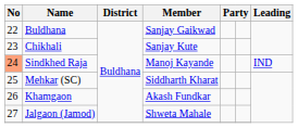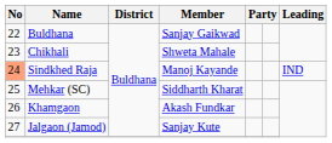 <table class="wikitable ">
 <tr>
 <th>No</th>
 <th>Name</th>
 <th>District</th>
 <th>Member</th>
 <th colspan="2">Party</th>
 <th colspan="2">Leading<br></th>
 </tr>
 <tr>
 <td>22</td>
 <td><a href='#'>Buldhana</a></td>
 <td rowspan="6"><a href='#'>Buldhana</a></td>
 <td><a href='#'>Sanjay Gaikwad</a></td>
 <td></td>
 <td></td>
 </tr>
 <tr>
 <td>23</td>
 <td><a href='#'>Chikhali</a></td>
-<td><a href='#'>Sanjay Kute</a></td>
+<td><a href='#'>Shweta Mahale</a></td>
 <td></td>
 <td></td>
 </tr>
 <tr>
 <td style="background: lightsalmon;">24</td>
 <td><a href='#'>Sindkhed Raja</a></td>
 <td><a href='#'>Manoj Kayande</a></td>
 <td></td>
 <td style="background-color:"></td>
 <td><a href='#'>IND</a></td>
 </tr>
 <tr>
 <td>25</td>
 <td><a href='#'>Mehkar</a> (SC)</td>
 <td><a href='#'>Siddharth Kharat</a></td>
 <td></td>
 <td></td>
 </tr>
 <tr>
 <td>26</td>
 <td><a href='#'>Khamgaon</a></td>
 <td><a href='#'>Akash Fundkar</a></td>
 <td></td>
 <td></td>
 </tr>
 <tr>
 <td>27</td>
 <td><a href='#'>Jalgaon (Jamod)</a></td>
-<td><a href='#'>Shweta Mahale</a></td>
+<td><a href='#'>Sanjay Kute</a></td>
 <td></td>
 <td></td>
 </tr>
 <tr>
 </tr>
 </table>
